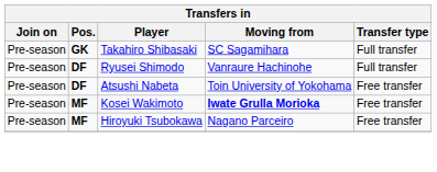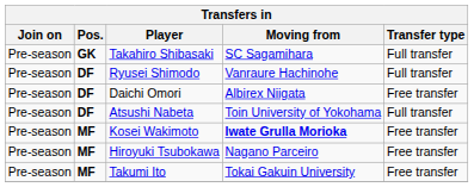 <table class="wikitable sortable" style=“text-align:left;>
 <tr>
 <th colspan="5">Transfers in</th>
 </tr>
 <tr>
 <th>Join on</th>
 <th>Pos.</th>
 <th>Player</th>
 <th>Moving from</th>
 <th>Transfer type</th>
 </tr>
 <tr>
 <td>Pre-season</td>
 <td><strong>GK</strong></td>
 <td> <a href='#'>Takahiro Shibasaki</a></td>
 <td> <a href='#'>SC Sagamihara</a></td>
 <td>Full transfer</td>
 </tr>
 <tr>
 <td>Pre-season</td>
 <td><strong>DF</strong></td>
 <td> <a href='#'>Ryusei Shimodo</a></td>
 <td> <a href='#'>Vanraure Hachinohe</a></td>
 <td>Full transfer</td>
 </tr>
 <tr>
 <td>Pre-season</td>
 <td><strong>DF</strong></td>
+<td> Daichi Omori</td>
+<td> <a href='#'>Albirex Niigata</a></td>
+<td>Free transfer</td>
+</tr>
+<tr>
+<td>Pre-season</td>
+<td><strong>DF</strong></td>
 <td> <a href='#'>Atsushi Nabeta</a></td>
 <td> <a href='#'>Toin University of Yokohama</a></td>
-<td>Free transfer</td>
+<td>Full transfer</td>
 </tr>
 <tr>
 <td>Pre-season</td>
 <td><strong>MF</strong></td>
 <td> <a href='#'>Kosei Wakimoto</a></td>
 <td><strong> <a href='#'>Iwate Grulla Morioka</a></strong></td>
 <td>Free transfer</td>
 </tr>
 <tr>
 <td>Pre-season</td>
 <td><strong>MF</strong></td>
 <td> <a href='#'>Hiroyuki Tsubokawa</a></td>
 <td> <a href='#'>Nagano Parceiro</a></td>
 <td>Free transfer</td>
 </tr>
 <tr>
+<td>Pre-season</td>
+<td><strong>MF</strong></td>
+<td> <a href='#'>Takumi Ito</a></td>
+<td> <a href='#'>Tokai Gakuin University</a></td>
+<td>Free transfer</td>
+</tr>
+<tr>
 </tr>
 </table>
